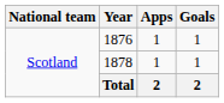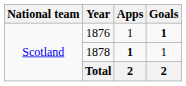 <table class=wikitable style=text-align:center>
 <tr>
 <th>National team</th>
 <th>Year</th>
 <th>Apps</th>
 <th>Goals</th>
 </tr>
 <tr>
 <td rowspan=4><a href='#'>Scotland</a></td>
 <td>1876</td>
 <td>1</td>
-<td>1</td>
+<td><strong>1</strong></td>
 </tr>
 <tr>
 <td>1878</td>
-<td>1</td>
+<td><strong>1</strong></td>
 <td>1</td>
 </tr>
 <tr>
 <th colspan=1>Total</th>
 <th>2</th>
 <th>2</th>
 </tr>
 </table>
